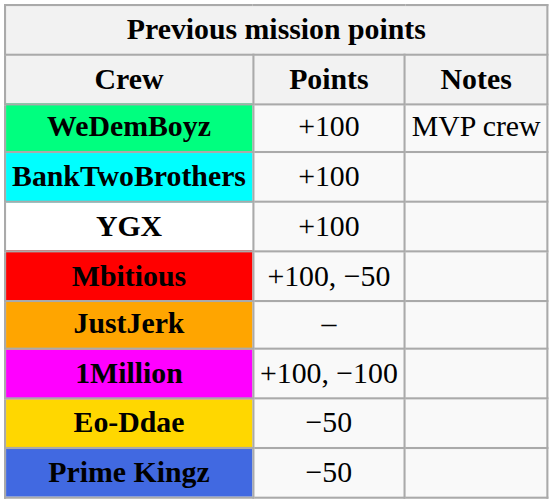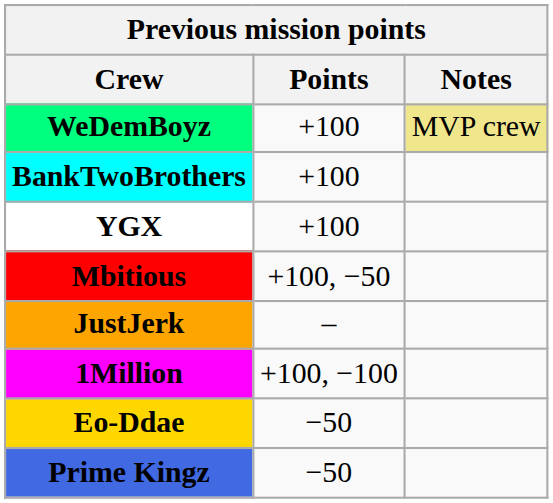 <table class="wikitable mw-collapsible mw-collapsed"  style="text-align:center; font-size:90%">
 <tr>
 <th colspan="4">Previous mission points</th>
 </tr>
 <tr style="background:#f2f2f2;">
 <th scope="col">Crew</th>
 <th scope="col">Points</th>
 <th scope="col">Notes</th>
 </tr>
 <tr>
 <td style="background:springgreen"><strong>WeDemBoyz</strong></td>
 <td>+100</td>
-<td>MVP crew</td>
+<td style="background: khaki;">MVP crew</td>
 </tr>
 <tr>
 <td style="background:aqua"><strong>BankTwoBrothers</strong></td>
 <td>+100</td>
 <td></td>
 </tr>
 <tr>
 <td style="background:white"><strong>YGX</strong></td>
 <td>+100</td>
 <td></td>
 </tr>
 <tr>
 <td style="background:red"><strong>Mbitious</strong></td>
 <td>+100, −50</td>
 <td></td>
 </tr>
 <tr>
 <td style="background:orange"><strong>JustJerk</strong></td>
 <td>–</td>
 <td></td>
 </tr>
 <tr>
 <td style="background:magenta"><strong>1Million</strong></td>
 <td>+100, −100</td>
 <td></td>
 </tr>
 <tr>
 <td style="background:gold"><strong>Eo-Ddae</strong></td>
 <td>−50</td>
 <td></td>
 </tr>
 <tr>
 <td style="background:royalblue"><strong>Prime Kingz</strong></td>
 <td>−50</td>
 <td></td>
 </tr>
 </table>
